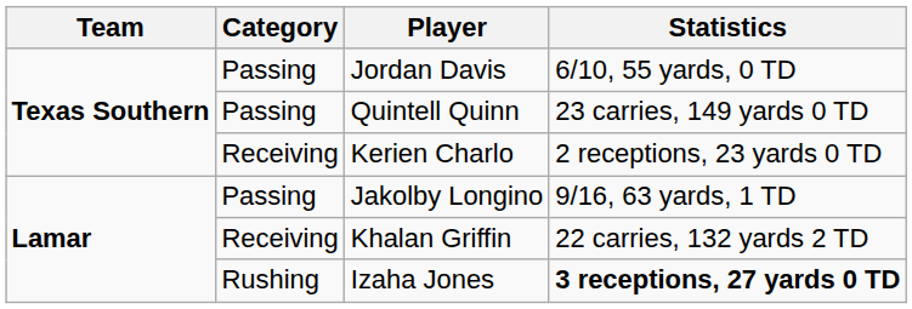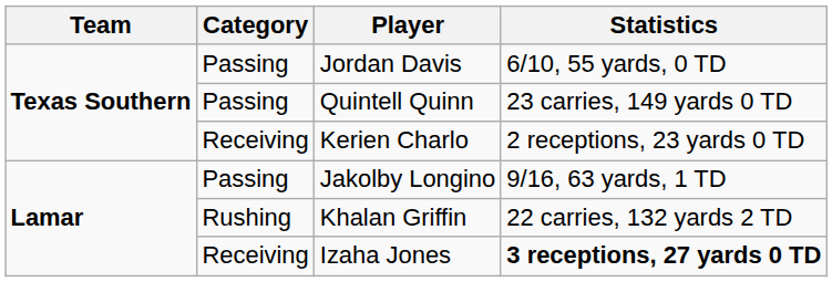 <table class="wikitable" style="float: right;">
 <tr>
 <th>Team</th>
 <th>Category</th>
 <th>Player</th>
 <th>Statistics</th>
 </tr>
 <tr>
 <td rowspan=3><strong>Texas Southern</strong></td>
 <td>Passing</td>
 <td>Jordan Davis</td>
 <td>6/10, 55 yards, 0 TD</td>
 </tr>
 <tr>
 <td>Passing</td>
 <td>Quintell Quinn</td>
 <td>23 carries, 149 yards 0 TD</td>
 </tr>
 <tr>
 <td>Receiving</td>
 <td>Kerien Charlo</td>
 <td>2 receptions, 23 yards 0 TD</td>
 </tr>
 <tr>
 <td rowspan=3><strong>Lamar</strong></td>
 <td>Passing</td>
 <td>Jakolby Longino</td>
 <td>9/16, 63 yards, 1 TD</td>
 </tr>
 <tr>
-<td>Receiving</td>
+<td>Rushing</td>
 <td>Khalan Griffin</td>
 <td>22 carries, 132 yards 2 TD</td>
 </tr>
 <tr>
-<td>Rushing</td>
+<td>Receiving</td>
 <td>Izaha Jones</td>
 <td><strong>3 receptions, 27 yards 0 TD</strong></td>
 </tr>
 </table>
